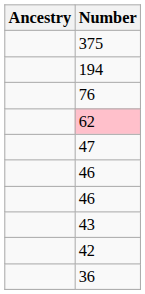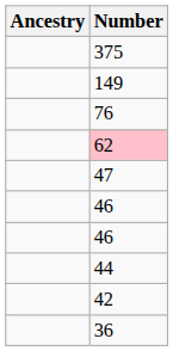 <table style="float: right; margin: 1em;" class="wikitable sortable">
 <tr>
 <th>Ancestry</th>
 <th>Number</th>
 </tr>
 <tr>
 <td></td>
 <td>375</td>
 </tr>
 <tr>
 <td></td>
-<td>194</td>
+<td>149</td>
 </tr>
 <tr>
 <td></td>
 <td>76</td>
 </tr>
 <tr>
 <td></td>
 <td style="background: pink;">62</td>
 </tr>
 <tr>
 <td></td>
 <td>47</td>
 </tr>
 <tr>
 <td></td>
 <td>46</td>
 </tr>
 <tr>
 <td></td>
 <td>46</td>
 </tr>
 <tr>
 <td></td>
-<td>43</td>
+<td>44</td>
 </tr>
 <tr>
 <td></td>
 <td>42</td>
 </tr>
 <tr>
 <td></td>
 <td>36</td>
 </tr>
 </table>
